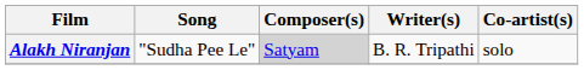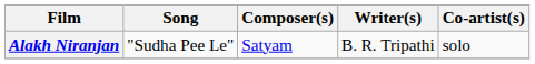 <table class="wikitable sortable">
 <tr>
 <th>Film</th>
 <th>Song</th>
 <th>Composer(s)</th>
 <th>Writer(s)</th>
 <th>Co-artist(s)</th>
 </tr>
 <tr>
 <th><a href='#'><em>Alakh Niranjan</em></a></th>
 <td>"Sudha Pee Le"</td>
-<td style="background: lightgrey;"><a href='#'>Satyam</a></td>
+<td><a href='#'>Satyam</a></td>
 <td>B. R. Tripathi</td>
 <td>solo</td>
 </tr>
 <tr>
 </tr>
 </table>
